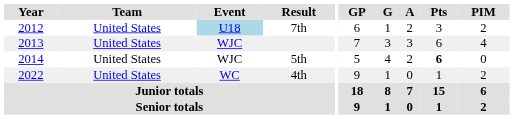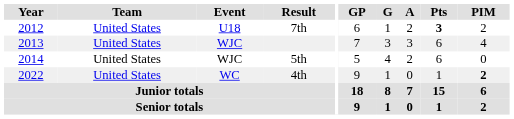 <table border="0" cellpadding="1" cellspacing="0" ID="Table3" style="text-align:center; width:40em">
 <tr bgcolor="#e0e0e0">
 <th>Year</th>
 <th>Team</th>
 <th>Event</th>
 <th>Result</th>
 <th rowspan="99" bgcolor="#ffffff"></th>
 <th>GP</th>
 <th>G</th>
 <th>A</th>
 <th>Pts</th>
 <th>PIM</th>
 </tr>
 <tr>
 <td><a href='#'>2012</a></td>
 <td><a href='#'>United States</a></td>
-<td style="background: lightblue;"><a href='#'>U18</a></td>
+<td><a href='#'>U18</a></td>
 <td>7th</td>
 <td>6</td>
 <td>1</td>
 <td>2</td>
-<td>3</td>
+<td><strong>3</strong></td>
 <td>2</td>
 </tr>
 <tr style="background:#f0f0f0;">
 <td><a href='#'>2013</a></td>
 <td><a href='#'>United States</a></td>
 <td><a href='#'>WJC</a></td>
 <td></td>
 <td>7</td>
 <td>3</td>
 <td>3</td>
 <td>6</td>
 <td>4</td>
 </tr>
 <tr>
 <td><a href='#'>2014</a></td>
 <td>United States</td>
 <td>WJC</td>
 <td>5th</td>
 <td>5</td>
 <td>4</td>
 <td>2</td>
-<td><strong>6</strong></td>
+<td>6</td>
 <td>0</td>
 </tr>
 <tr style="background:#f0f0f0;">
 <td><a href='#'>2022</a></td>
 <td><a href='#'>United States</a></td>
 <td><a href='#'>WC</a></td>
 <td>4th</td>
 <td>9</td>
 <td>1</td>
 <td>0</td>
 <td>1</td>
-<td>2</td>
+<td><strong>2</strong></td>
 </tr>
 <tr style="background:#e0e0e0;">
 <th colspan="4">Junior totals</th>
 <th>18</th>
 <th>8</th>
 <th>7</th>
 <th>15</th>
 <th>6</th>
 </tr>
 <tr style="background:#e0e0e0;">
 <th colspan="4">Senior totals</th>
 <th>9</th>
 <th>1</th>
 <th>0</th>
 <th>1</th>
 <th>2</th>
 </tr>
 </table>
